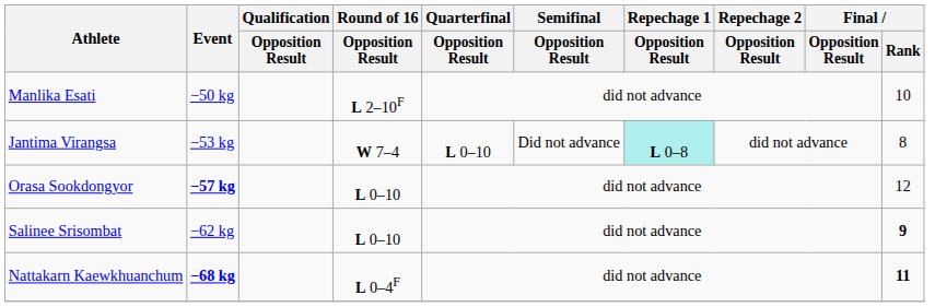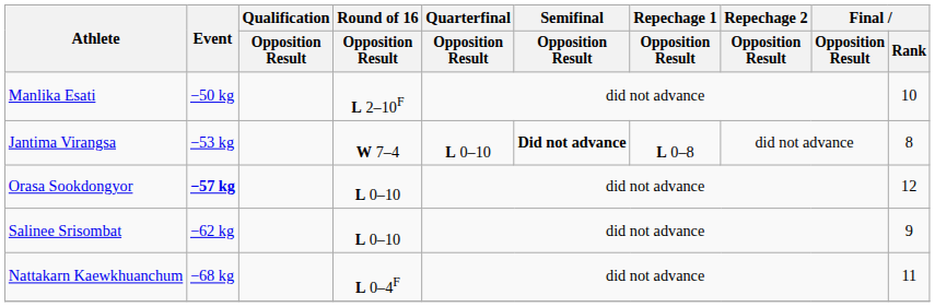 <table class="wikitable" style="font-size:90%">
 <tr>
 <th rowspan=2>Athlete</th>
 <th rowspan=2>Event</th>
 <th>Qualification</th>
 <th>Round of 16</th>
 <th>Quarterfinal</th>
 <th>Semifinal</th>
 <th>Repechage 1</th>
 <th>Repechage 2</th>
 <th colspan=2>Final / </th>
 </tr>
 <tr style="font-size: 95%">
 <th>Opposition<br>Result</th>
 <th>Opposition<br>Result</th>
 <th>Opposition<br>Result</th>
 <th>Opposition<br>Result</th>
 <th>Opposition<br>Result</th>
 <th>Opposition<br>Result</th>
 <th>Opposition<br>Result</th>
 <th>Rank</th>
 </tr>
 <tr align=center>
 <td align=left><a href='#'>Manlika Esati</a></td>
 <td align=left><a href='#'>−50 kg</a></td>
 <td></td>
 <td> <br><strong>L</strong> 2–10<sup>F</sup></td>
 <td colspan=5>did not advance</td>
 <td>10</td>
 </tr>
 <tr align=center>
 <td align=left><a href='#'>Jantima Virangsa</a></td>
 <td align=left><a href='#'>−53 kg</a></td>
 <td></td>
 <td> <br><strong>W</strong> 7–4</td>
 <td> <br><strong>L</strong> 0–10</td>
-<td>Did not advance</td>
-<td style="background: paleturquoise;"> <br><strong>L</strong> 0–8</td>
+<td><strong>Did not advance</strong></td>
+<td> <br><strong>L</strong> 0–8</td>
 <td colspan=2>did not advance</td>
 <td>8</td>
 </tr>
 <tr align=center>
 <td align=left><a href='#'>Orasa Sookdongyor</a></td>
 <td align=left><strong><a href='#'>−57 kg</a></strong></td>
 <td></td>
 <td> <br><strong>L</strong> 0–10</td>
 <td colspan=5>did not advance</td>
 <td>12</td>
 </tr>
 <tr align=center>
 <td align=left><a href='#'>Salinee Srisombat</a></td>
 <td align=left><a href='#'>−62 kg</a></td>
 <td></td>
 <td> <br><strong>L</strong> 0–10</td>
 <td colspan=5>did not advance</td>
-<td><strong>9</strong></td>
+<td>9</td>
 </tr>
 <tr align=center>
 <td align=left><a href='#'>Nattakarn Kaewkhuanchum</a></td>
-<td align=left><strong><a href='#'>−68 kg</a></strong></td>
+<td align=left><a href='#'>−68 kg</a></td>
 <td></td>
 <td> <br><strong>L</strong> 0–4<sup>F</sup></td>
 <td colspan=5>did not advance</td>
-<td><strong>11</strong></td>
+<td>11</td>
 </tr>
 <tr align=center>
 </tr>
 </table>
